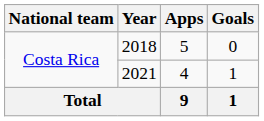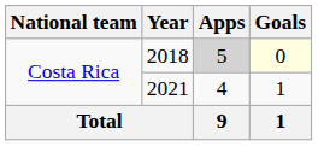 <table class="wikitable" style="text-align:center">
 <tr>
 <th>National team</th>
 <th>Year</th>
 <th>Apps</th>
 <th>Goals</th>
 </tr>
 <tr>
 <td rowspan="2"><a href='#'>Costa Rica</a></td>
 <td>2018</td>
-<td>5</td>
-<td>0</td>
+<td style="background: lightgrey;">5</td>
+<td style="background: lightyellow;">0</td>
 </tr>
 <tr>
 <td>2021</td>
 <td>4</td>
 <td>1</td>
 </tr>
 <tr>
 <th colspan="2">Total</th>
 <th>9</th>
 <th>1</th>
 </tr>
 </table>
